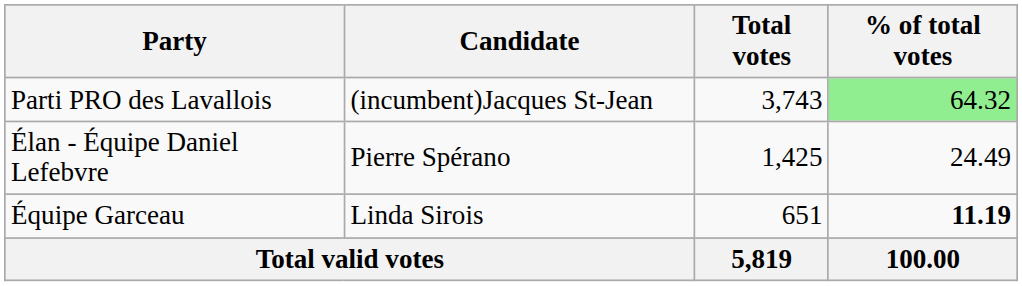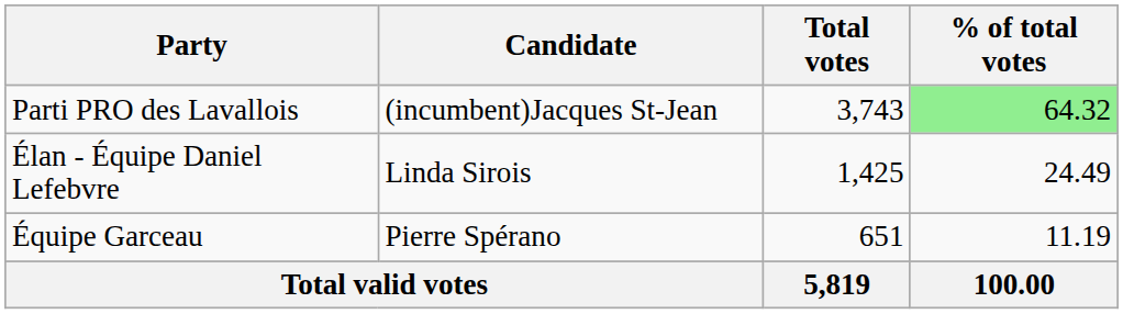 <table style="width:600px;" class="wikitable">
 <tr style="background-color:#E9E9E9">
 <th colspan="2" style="width: 200px">Party</th>
 <th colspan="1" style="width: 200px">Candidate</th>
 <th align="right">Total votes</th>
 <th align="right">% of total votes</th>
 </tr>
 <tr>
 <td colspan="2" align="left">Parti PRO des Lavallois</td>
 <td align="left">(incumbent)Jacques St-Jean</td>
 <td align="right">3,743</td>
 <td align="right" style="background: lightgreen;">64.32</td>
 </tr>
 <tr>
 <td colspan="2" align="left">Élan - Équipe Daniel Lefebvre</td>
-<td align="left">Pierre Spérano</td>
+<td align="left">Linda Sirois</td>
 <td align="right">1,425</td>
 <td align="right">24.49</td>
 </tr>
 <tr>
 <td colspan="2" align="left">Équipe Garceau</td>
-<td align="left">Linda Sirois</td>
+<td align="left">Pierre Spérano</td>
 <td align="right">651</td>
-<td align="right"><strong>11.19</strong></td>
+<td align="right">11.19</td>
 </tr>
 <tr bgcolor="#EEEEEE">
 <th colspan="3"  align="left">Total valid votes</th>
 <th align="right">5,819</th>
 <th align="right">100.00</th>
 </tr>
 </table>
